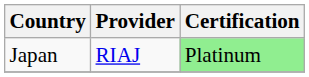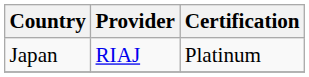 <table class="wikitable" border="1">
 <tr>
 <th>Country</th>
 <th>Provider</th>
 <th>Certification</th>
 </tr>
 <tr>
 <td>Japan</td>
 <td><a href='#'>RIAJ</a></td>
-<td style="background: lightgreen;">Platinum</td>
+<td>Platinum</td>
 </tr>
 <tr>
 </tr>
 </table>
